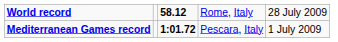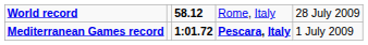 <table class="wikitable">
 <tr>
 <td><strong><a href='#'>World record</a></strong></td>
 <td></td>
 <td><strong>58.12</strong></td>
 <td><a href='#'>Rome</a>, <a href='#'>Italy</a></td>
 <td>28 July 2009</td>
 </tr>
 <tr>
 <td><strong><a href='#'>Mediterranean Games record</a></strong></td>
 <td></td>
 <td><strong>1:01.72</strong></td>
-<td><a href='#'>Pescara</a>, <a href='#'>Italy</a></td>
+<td><strong><a href='#'>Pescara</a>, <a href='#'>Italy</a></strong></td>
 <td>1 July 2009</td>
 </tr>
 </table>
